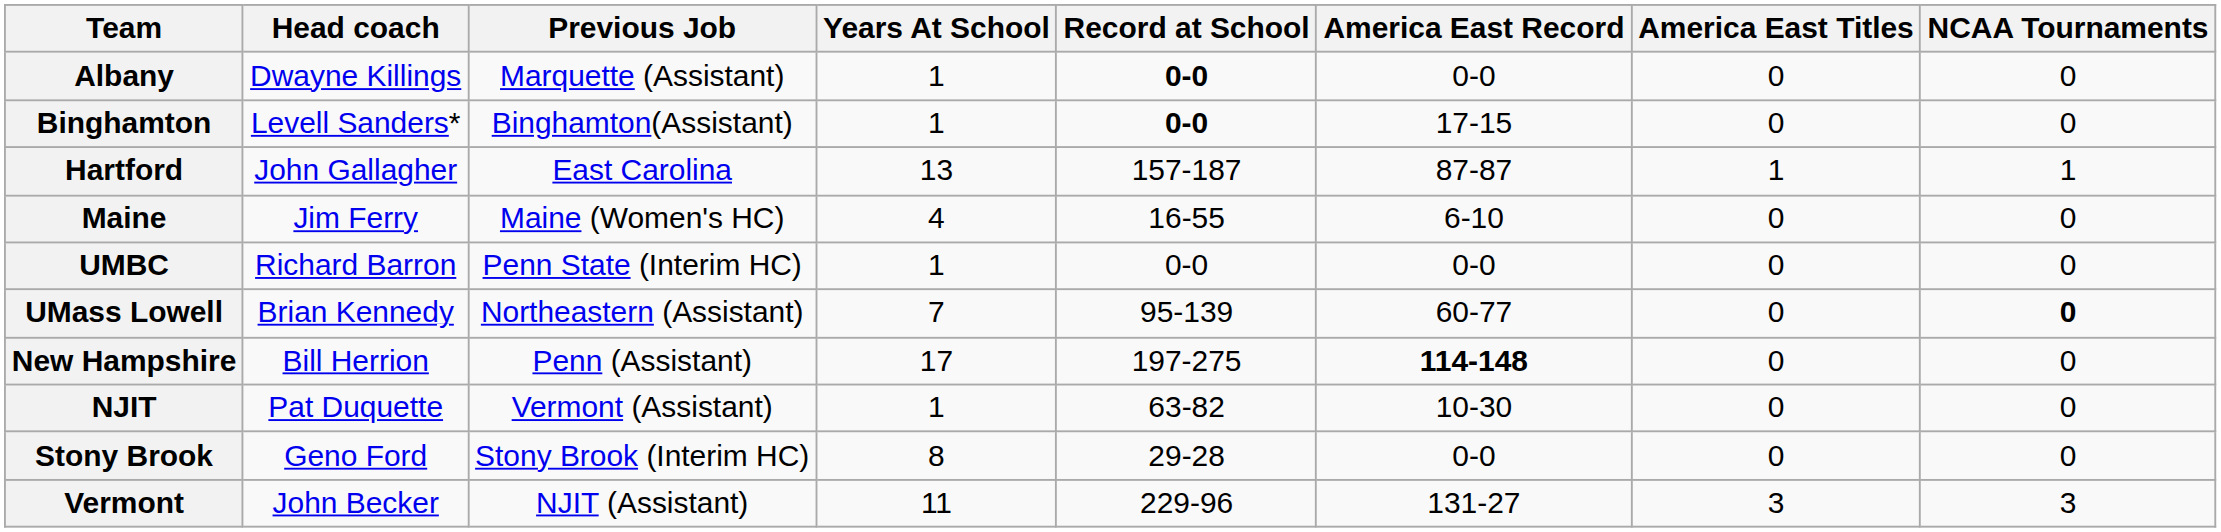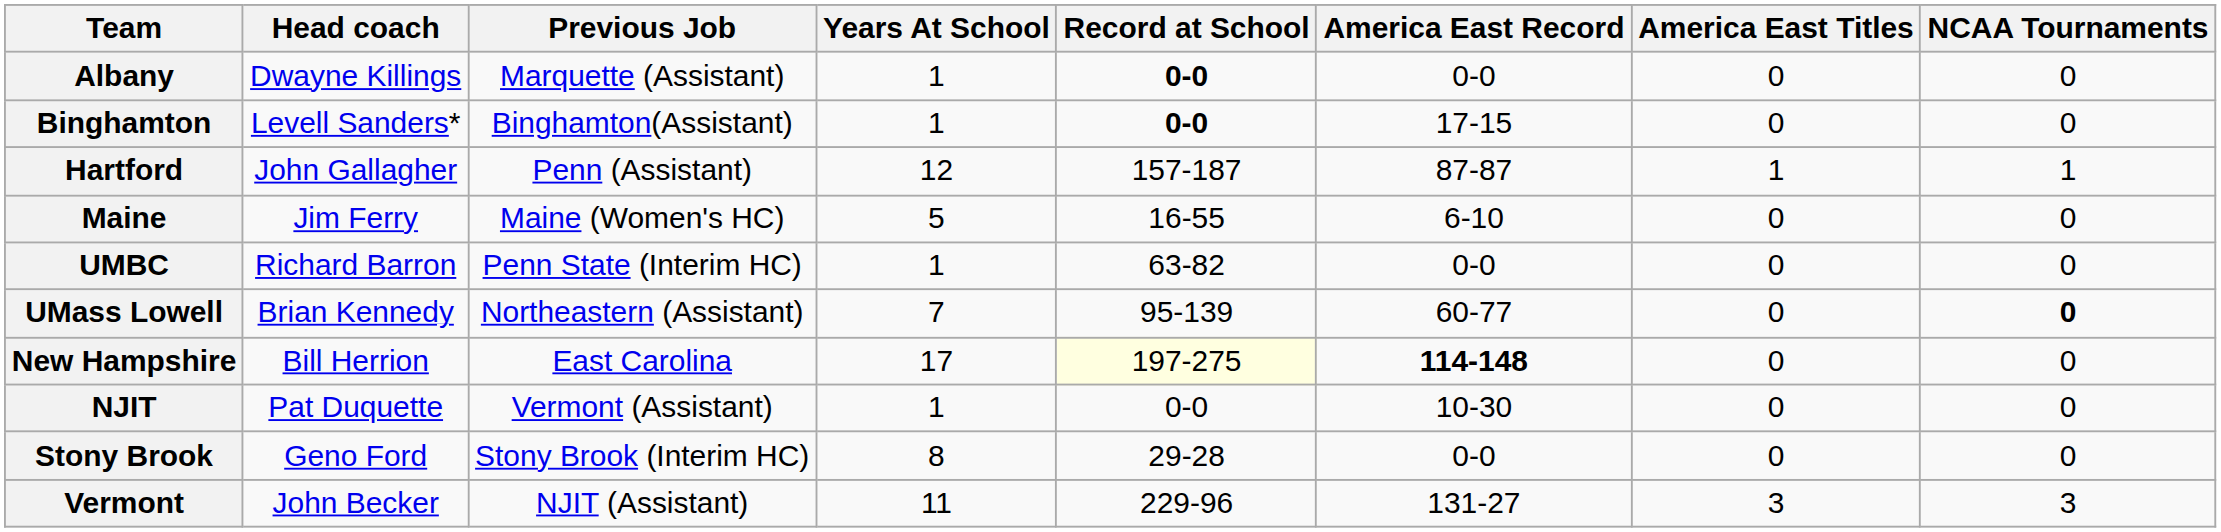 <table class="wikitable sortable" style="text-align:center">
 <tr>
 <th>Team</th>
 <th>Head coach</th>
 <th>Previous Job</th>
 <th>Years At School</th>
 <th>Record at School</th>
 <th>America East Record</th>
 <th>America East Titles</th>
 <th>NCAA Tournaments</th>
 </tr>
 <tr>
 <th>Albany</th>
 <td><a href='#'>Dwayne Killings</a></td>
 <td><a href='#'>Marquette</a> (Assistant)</td>
 <td>1</td>
 <td><strong>0-0</strong></td>
 <td>0-0</td>
 <td>0</td>
 <td>0</td>
 </tr>
 <tr>
 <th>Binghamton</th>
 <td><a href='#'>Levell Sanders</a>*</td>
 <td><a href='#'>Binghamton</a>(Assistant)</td>
 <td>1</td>
 <td><strong>0-0</strong></td>
 <td>17-15</td>
 <td>0</td>
 <td>0</td>
 </tr>
 <tr>
 <th>Hartford</th>
 <td><a href='#'>John Gallagher</a></td>
-<td><a href='#'>East Carolina</a></td>
-<td>13</td>
+<td><a href='#'>Penn</a> (Assistant)</td>
+<td>12</td>
 <td>157-187</td>
 <td>87-87</td>
 <td>1</td>
 <td>1</td>
 </tr>
 <tr>
 <th>Maine</th>
 <td><a href='#'>Jim Ferry</a></td>
 <td><a href='#'>Maine</a> (Women's HC)</td>
-<td>4</td>
+<td>5</td>
 <td>16-55</td>
 <td>6-10</td>
 <td>0</td>
 <td>0</td>
 </tr>
 <tr>
 <th>UMBC</th>
 <td><a href='#'>Richard Barron</a></td>
 <td><a href='#'>Penn State</a> (Interim HC)</td>
 <td>1</td>
-<td>0-0</td>
+<td>63-82</td>
 <td>0-0</td>
 <td>0</td>
 <td>0</td>
 </tr>
 <tr>
 <th>UMass Lowell</th>
 <td><a href='#'>Brian Kennedy</a></td>
 <td><a href='#'>Northeastern</a> (Assistant)</td>
 <td>7</td>
 <td>95-139</td>
 <td>60-77</td>
 <td>0</td>
 <td><strong>0</strong></td>
 </tr>
 <tr>
 <th>New Hampshire</th>
 <td><a href='#'>Bill Herrion</a></td>
-<td><a href='#'>Penn</a> (Assistant)</td>
+<td><a href='#'>East Carolina</a></td>
 <td>17</td>
-<td>197-275</td>
+<td style="background: lightyellow;">197-275</td>
 <td><strong>114-148</strong></td>
 <td>0</td>
 <td>0</td>
 </tr>
 <tr>
 <th>NJIT</th>
 <td><a href='#'>Pat Duquette</a></td>
 <td><a href='#'>Vermont</a> (Assistant)</td>
 <td>1</td>
-<td>63-82</td>
+<td>0-0</td>
 <td>10-30</td>
 <td>0</td>
 <td>0</td>
 </tr>
 <tr>
 <th>Stony Brook</th>
 <td><a href='#'>Geno Ford</a></td>
 <td><a href='#'>Stony Brook</a> (Interim HC)</td>
 <td>8</td>
 <td>29-28</td>
 <td>0-0</td>
 <td>0</td>
 <td>0</td>
 </tr>
 <tr>
 <th>Vermont</th>
 <td><a href='#'>John Becker</a></td>
 <td><a href='#'>NJIT</a> (Assistant)</td>
 <td>11</td>
 <td>229-96</td>
 <td>131-27</td>
 <td>3</td>
 <td>3</td>
 </tr>
 </table>
